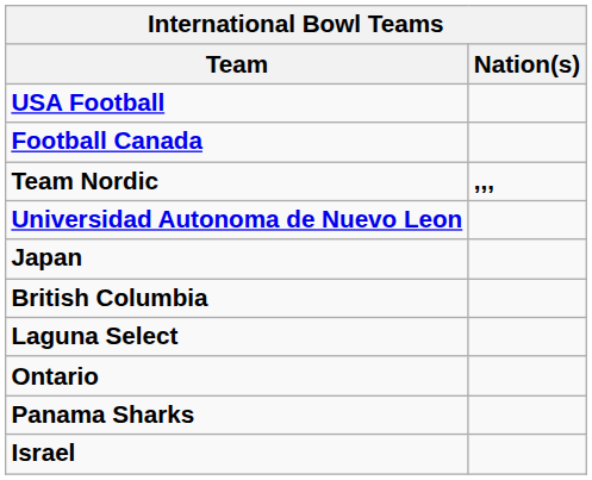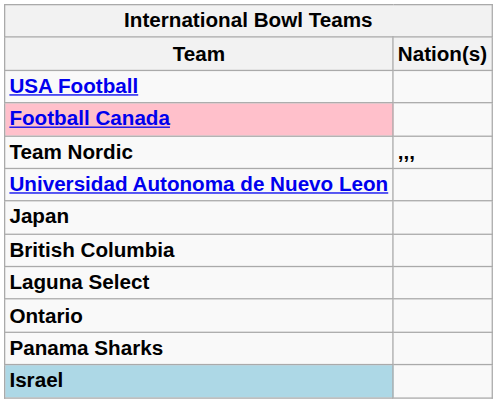 <table class="wikitable">
 <tr>
 <th colspan="3">International Bowl Teams</th>
 </tr>
 <tr>
 <th>Team</th>
 <th>Nation(s)</th>
 </tr>
 <tr>
 <td><strong><a href='#'>USA Football</a></strong></td>
 <td><strong></strong></td>
 </tr>
 <tr>
-<td><strong><a href='#'>Football Canada</a></strong></td>
+<td style="background: pink;"><strong><a href='#'>Football Canada</a></strong></td>
 <td><strong></strong></td>
 </tr>
 <tr>
 <td><strong>Team Nordic</strong></td>
 <td><strong>,,,</strong></td>
 </tr>
 <tr>
 <td><strong><a href='#'>Universidad Autonoma de Nuevo Leon</a></strong></td>
 <td><strong></strong></td>
 </tr>
 <tr>
 <td><strong>Japan</strong></td>
 <td><strong></strong></td>
 </tr>
 <tr>
 <td><strong>British Columbia</strong></td>
 <td><strong></strong></td>
 </tr>
 <tr>
 <td><strong>Laguna Select</strong></td>
 <td><strong></strong></td>
 </tr>
 <tr>
 <td><strong>Ontario</strong></td>
 <td><strong></strong></td>
 </tr>
 <tr>
 <td><strong>Panama Sharks</strong></td>
 <td><strong></strong></td>
 </tr>
 <tr>
-<td><strong>Israel</strong></td>
+<td style="background: lightblue;"><strong>Israel</strong></td>
 <td><strong></strong></td>
 </tr>
 </table>
